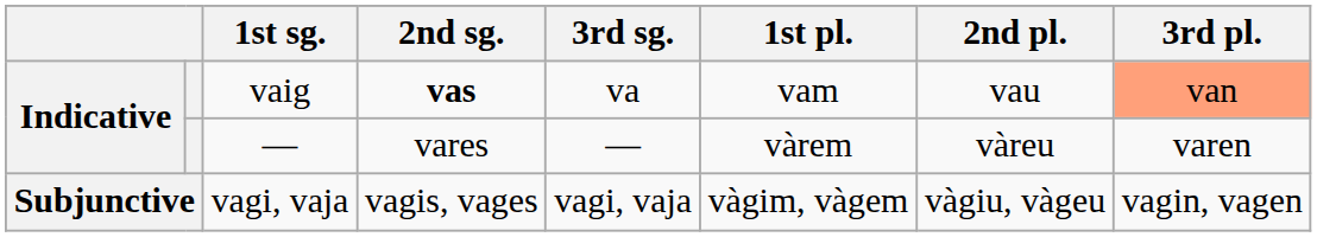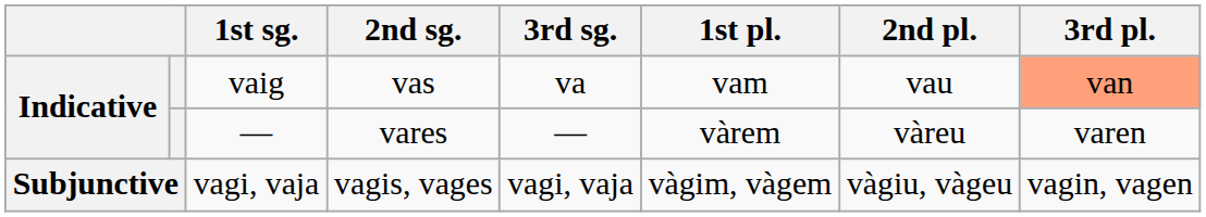 <table class="wikitable" style="text-align:center">
 <tr>
 <th colspan="2"></th>
 <th>1st sg.</th>
 <th>2nd sg.</th>
 <th>3rd sg.</th>
 <th>1st pl.</th>
 <th>2nd pl.</th>
 <th>3rd pl.</th>
 </tr>
 <tr>
 <th rowspan="2">Indicative</th>
 <th></th>
 <td>vaig</td>
-<td><strong>vas</strong></td>
+<td>vas</td>
 <td>va</td>
 <td>vam</td>
 <td>vau</td>
 <td style="background: lightsalmon;">van</td>
 </tr>
 <tr>
 <th></th>
 <td>—</td>
 <td>vares</td>
 <td>—</td>
 <td>vàrem</td>
 <td>vàreu</td>
 <td>varen</td>
 </tr>
 <tr>
 <th colspan="2">Subjunctive</th>
 <td>vagi, vaja</td>
 <td>vagis, vages</td>
 <td>vagi, vaja</td>
 <td>vàgim, vàgem</td>
 <td>vàgiu, vàgeu</td>
 <td>vagin, vagen</td>
 </tr>
 </table>
